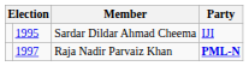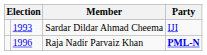 <table class="wikitable">
 <tr>
 <th colspan="2">Election</th>
 <th>Member</th>
 <th>Party</th>
 </tr>
 <tr>
 <td style="background-color: "></td>
-<td><a href='#'>1995</a></td>
+<td><a href='#'>1993</a></td>
 <td>Sardar Dildar Ahmad Cheema</td>
 <td><a href='#'>IJI</a></td>
 </tr>
 <tr>
 <td style="background-color: "></td>
-<td><a href='#'>1997</a></td>
+<td><a href='#'>1996</a></td>
 <td>Raja Nadir Parvaiz Khan</td>
 <td><strong><a href='#'>PML-N</a></strong></td>
 </tr>
 </table>
